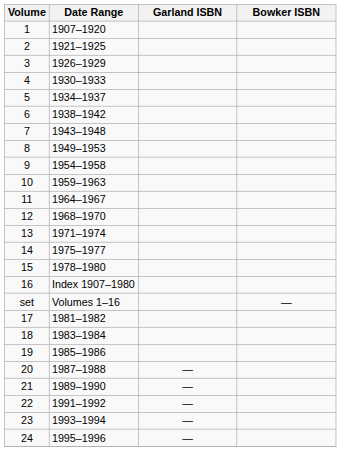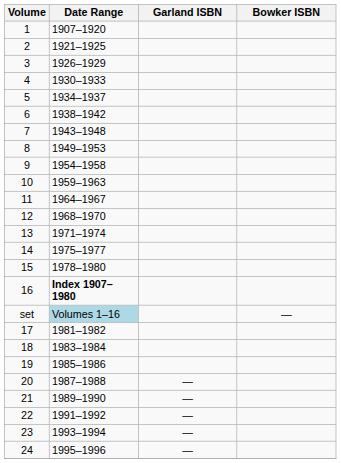 <table class="wikitable">
 <tr>
 <th width="60">Volume</th>
 <th width="125">Date Range</th>
 <th width="140">Garland ISBN</th>
 <th width="140">Bowker ISBN</th>
 </tr>
 <tr>
 <td align=center>1</td>
 <td>1907–1920</td>
 <td></td>
 <td></td>
 </tr>
 <tr>
 <td align=center>2</td>
 <td>1921–1925</td>
 <td></td>
 <td></td>
 </tr>
 <tr>
 <td align=center>3</td>
 <td>1926–1929</td>
 <td></td>
 <td></td>
 </tr>
 <tr>
 <td align=center>4</td>
 <td>1930–1933</td>
 <td></td>
 <td></td>
 </tr>
 <tr>
 <td align=center>5</td>
 <td>1934–1937</td>
 <td></td>
 <td></td>
 </tr>
 <tr>
 <td align=center>6</td>
 <td>1938–1942</td>
 <td></td>
 <td></td>
 </tr>
 <tr>
 <td align=center>7</td>
 <td>1943–1948</td>
 <td></td>
 <td></td>
 </tr>
 <tr>
 <td align=center>8</td>
 <td>1949–1953</td>
 <td></td>
 <td></td>
 </tr>
 <tr>
 <td align=center>9</td>
 <td>1954–1958</td>
 <td></td>
 <td></td>
 </tr>
 <tr>
 <td align=center>10</td>
 <td>1959–1963</td>
 <td></td>
 <td></td>
 </tr>
 <tr>
 <td align=center>11</td>
 <td>1964–1967</td>
 <td></td>
 <td></td>
 </tr>
 <tr>
 <td align=center>12</td>
 <td>1968–1970</td>
 <td></td>
 <td></td>
 </tr>
 <tr>
 <td align=center>13</td>
 <td>1971–1974</td>
 <td></td>
 <td></td>
 </tr>
 <tr>
 <td align=center>14</td>
 <td>1975–1977</td>
 <td></td>
 <td></td>
 </tr>
 <tr>
 <td align=center>15</td>
 <td>1978–1980</td>
 <td></td>
 <td></td>
 </tr>
 <tr>
 <td align=center>16</td>
-<td>Index 1907–1980</td>
+<td><strong>Index 1907–1980</strong></td>
 <td></td>
 <td></td>
 </tr>
 <tr>
 <td align=center>set</td>
-<td>Volumes 1–16</td>
+<td style="background: lightblue;">Volumes 1–16</td>
 <td></td>
 <td align=center>—</td>
 </tr>
 <tr>
 <td align=center>17</td>
 <td>1981–1982</td>
 <td></td>
 <td></td>
 </tr>
 <tr>
 <td align=center>18</td>
 <td>1983–1984</td>
 <td></td>
 <td></td>
 </tr>
 <tr>
 <td align=center>19</td>
 <td>1985–1986</td>
 <td></td>
 <td></td>
 </tr>
 <tr>
 <td align=center>20</td>
 <td>1987–1988</td>
 <td align=center>—</td>
 <td></td>
 </tr>
 <tr>
 <td align=center>21</td>
 <td>1989–1990</td>
 <td align=center>—</td>
 <td></td>
 </tr>
 <tr>
 <td align=center>22</td>
 <td>1991–1992</td>
 <td align=center>—</td>
 <td></td>
 </tr>
 <tr>
 <td align=center>23</td>
 <td>1993–1994</td>
 <td align=center>—</td>
 <td></td>
 </tr>
 <tr>
 <td align=center>24</td>
 <td>1995–1996</td>
 <td align=center>—</td>
 <td></td>
 </tr>
 <tr>
 </tr>
 </table>
